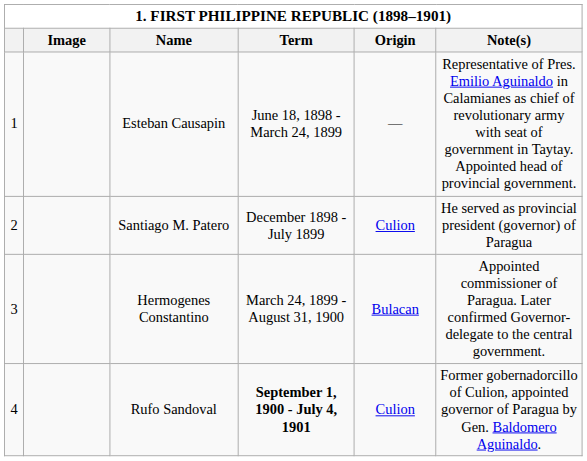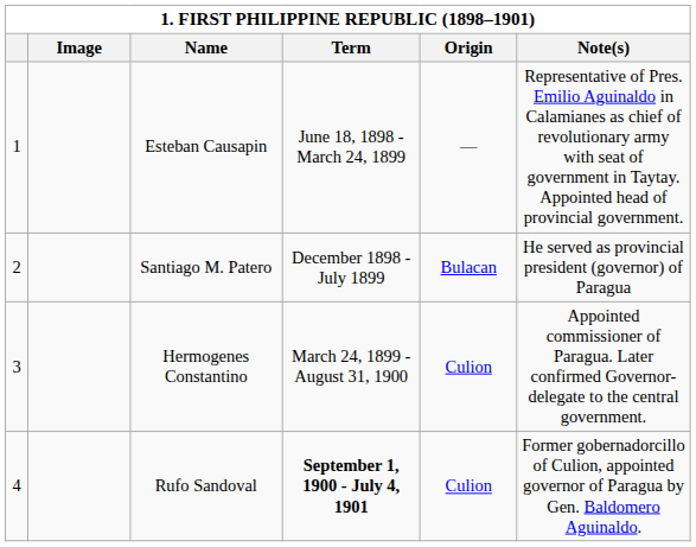 <table class="wikitable collapsible collapsed" style="vertical-align:top;text-align:center;font-size:95%;">
 <tr>
 <th style="background-color:white;font-size:105%;width:51em;" colspan=6>1. FIRST PHILIPPINE REPUBLIC (1898–1901)</th>
 </tr>
 <tr>
 <th style="width: 1em;text-align:center"></th>
 <th style="width: 7em;text-align:center">Image</th>
 <th style="width: 10em;text-align:center">Name</th>
 <th style="width: 9em;text-align:center">Term</th>
 <th style="width: 6em;text-align:center">Origin</th>
 <th style="width: 11em;text-align:center">Note(s)</th>
 </tr>
 <tr>
 <td>1</td>
 <td></td>
 <td>Esteban Causapin</td>
 <td>June 18, 1898 - March 24, 1899</td>
 <td>—</td>
 <td>Representative of Pres. <a href='#'>Emilio Aguinaldo</a> in Calamianes as chief of revolutionary army with seat of government in Taytay. Appointed head of provincial government.</td>
 </tr>
 <tr>
 <td>2</td>
 <td></td>
 <td>Santiago M. Patero</td>
 <td>December 1898 - July 1899</td>
-<td><a href='#'>Culion</a></td>
+<td><a href='#'>Bulacan</a></td>
 <td>He served as provincial president (governor) of Paragua</td>
 </tr>
 <tr>
 <td>3</td>
 <td></td>
 <td>Hermogenes Constantino</td>
 <td>March 24, 1899 - August 31, 1900</td>
-<td><a href='#'>Bulacan</a></td>
+<td><a href='#'>Culion</a></td>
 <td>Appointed commissioner of Paragua. Later confirmed Governor-delegate to the central government.</td>
 </tr>
 <tr>
 <td>4</td>
 <td></td>
 <td>Rufo Sandoval</td>
 <td><strong>September 1, 1900 - July 4, 1901</strong></td>
 <td><a href='#'>Culion</a></td>
 <td>Former gobernadorcillo of Culion, appointed governor of Paragua by Gen. <a href='#'>Baldomero Aguinaldo</a>.</td>
 </tr>
 </table>
